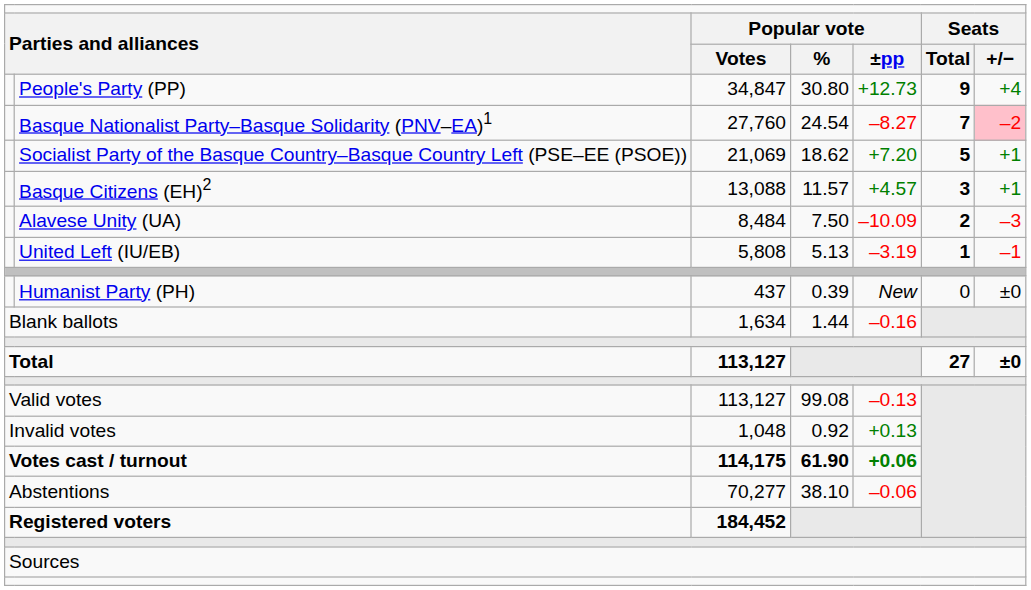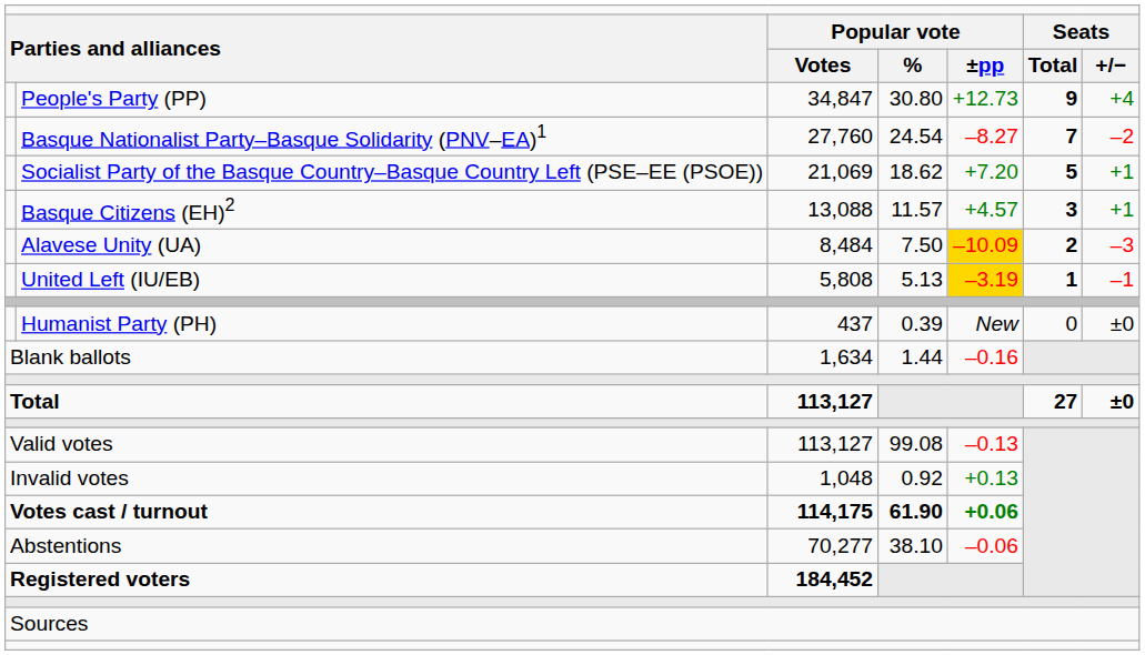 <table class="wikitable" style="text-align:right;">
 <tr>
 <td colspan="7"></td>
 </tr>
 <tr>
 <th style="text-align:left;" rowspan="2" colspan="2" width="525">Parties and alliances</th>
 <th colspan="3">Popular vote</th>
 <th colspan="2">Seats</th>
 </tr>
 <tr>
 <th width="75">Votes</th>
 <th width="45">%</th>
 <th width="45">±<a href='#'>pp</a></th>
 <th width="35">Total</th>
 <th width="35">+/−</th>
 </tr>
 <tr>
 <td width="1" style="color:inherit;background:"></td>
 <td align="left"><a href='#'>People's Party</a> (PP)</td>
 <td>34,847</td>
 <td>30.80</td>
 <td style="color:green;">+12.73</td>
 <td><strong>9</strong></td>
 <td style="color:green;">+4</td>
 </tr>
 <tr>
 <td style="color:inherit;background:"></td>
 <td align="left"><a href='#'>Basque Nationalist Party–Basque Solidarity</a> (<a href='#'>PNV</a>–<a href='#'>EA</a>)<sup>1</sup></td>
 <td>27,760</td>
 <td>24.54</td>
 <td style="color:red;">–8.27</td>
 <td><strong>7</strong></td>
-<td style="background: pink; color:red;">–2</td>
+<td style="color:red;">–2</td>
 </tr>
 <tr>
 <td style="color:inherit;background:"></td>
 <td align="left"><a href='#'>Socialist Party of the Basque Country–Basque Country Left</a> (PSE–EE (PSOE))</td>
 <td>21,069</td>
 <td>18.62</td>
 <td style="color:green;">+7.20</td>
 <td><strong>5</strong></td>
 <td style="color:green;">+1</td>
 </tr>
 <tr>
 <td style="color:inherit;background:"></td>
 <td align="left"><a href='#'>Basque Citizens</a> (EH)<sup>2</sup></td>
 <td>13,088</td>
 <td>11.57</td>
 <td style="color:green;">+4.57</td>
 <td><strong>3</strong></td>
 <td style="color:green;">+1</td>
 </tr>
 <tr>
 <td style="color:inherit;background:"></td>
 <td align="left"><a href='#'>Alavese Unity</a> (UA)</td>
 <td>8,484</td>
 <td>7.50</td>
-<td style="color:red;">–10.09</td>
+<td style="background: gold; color:red;">–10.09</td>
 <td><strong>2</strong></td>
 <td style="color:red;">–3</td>
 </tr>
 <tr>
 <td style="color:inherit;background:"></td>
 <td align="left"><a href='#'>United Left</a> (IU/EB)</td>
 <td>5,808</td>
 <td>5.13</td>
-<td style="color:red;">–3.19</td>
+<td style="background: gold; color:red;">–3.19</td>
 <td><strong>1</strong></td>
 <td style="color:red;">–1</td>
 </tr>
 <tr>
 <td colspan="7" style="color:inherit;background:#C0C0C0"></td>
 </tr>
 <tr>
 <td style="color:inherit;background:"></td>
 <td align="left"><a href='#'>Humanist Party</a> (PH)</td>
 <td>437</td>
 <td>0.39</td>
 <td><em>New</em></td>
 <td>0</td>
 <td>±0</td>
 </tr>
 <tr>
 <td align="left" colspan="2">Blank ballots</td>
 <td>1,634</td>
 <td>1.44</td>
 <td style="color:red;">–0.16</td>
 <td style="color:inherit;background:#E9E9E9" colspan="2"></td>
 </tr>
 <tr>
 <td colspan="7" style="color:inherit;background:#E9E9E9"></td>
 </tr>
 <tr style="font-weight:bold;">
 <td align="left" colspan="2">Total</td>
 <td>113,127</td>
 <td bgcolor="#E9E9E9" colspan="2"></td>
 <td>27</td>
 <td>±0</td>
 </tr>
 <tr>
 <td colspan="7" style="color:inherit;background:#E9E9E9"></td>
 </tr>
 <tr>
 <td align="left" colspan="2">Valid votes</td>
 <td>113,127</td>
 <td>99.08</td>
 <td style="color:red;">–0.13</td>
 <td bgcolor="#E9E9E9" colspan="2" rowspan="5"></td>
 </tr>
 <tr>
 <td align="left" colspan="2">Invalid votes</td>
 <td>1,048</td>
 <td>0.92</td>
 <td style="color:green;">+0.13</td>
 </tr>
 <tr style="font-weight:bold;">
 <td align="left" colspan="2">Votes cast / turnout</td>
 <td>114,175</td>
 <td>61.90</td>
 <td style="color:green;">+0.06</td>
 </tr>
 <tr>
 <td align="left" colspan="2">Abstentions</td>
 <td>70,277</td>
 <td>38.10</td>
 <td style="color:red;">–0.06</td>
 </tr>
 <tr style="font-weight:bold;">
 <td align="left" colspan="2">Registered voters</td>
 <td>184,452</td>
 <td bgcolor="#E9E9E9" colspan="2"></td>
 </tr>
 <tr>
 <td colspan="7" style="color:inherit;background:#E9E9E9"></td>
 </tr>
 <tr>
 <td align="left" colspan="7">Sources</td>
 </tr>
 <tr>
 <td colspan="7" style="text-align:left; max-width:790px;"></td>
 </tr>
 </table>
